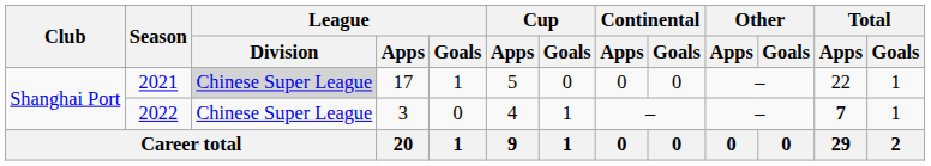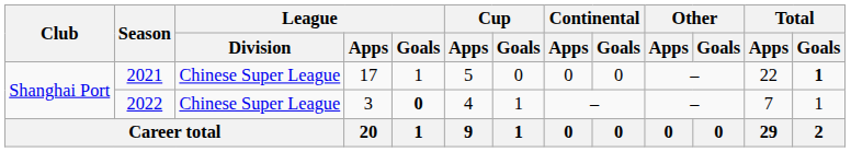 <table class="wikitable" style="text-align: center">
 <tr>
 <th rowspan="2">Club</th>
 <th rowspan="2">Season</th>
 <th colspan="3">League</th>
 <th colspan="2">Cup</th>
 <th colspan="2">Continental</th>
 <th colspan="2">Other</th>
 <th colspan="2">Total</th>
 </tr>
 <tr>
 <th>Division</th>
 <th>Apps</th>
 <th>Goals</th>
 <th>Apps</th>
 <th>Goals</th>
 <th>Apps</th>
 <th>Goals</th>
 <th>Apps</th>
 <th>Goals</th>
 <th>Apps</th>
 <th>Goals</th>
 </tr>
 <tr>
 <td rowspan=2><a href='#'>Shanghai Port</a></td>
 <td><a href='#'>2021</a></td>
-<td style="background: lightgrey;"><a href='#'>Chinese Super League</a></td>
+<td><a href='#'>Chinese Super League</a></td>
 <td>17</td>
 <td>1</td>
 <td>5</td>
 <td>0</td>
 <td>0</td>
 <td>0</td>
 <td colspan="2">–</td>
 <td>22</td>
-<td>1</td>
+<td><strong>1</strong></td>
 </tr>
 <tr>
 <td><a href='#'>2022</a></td>
 <td><a href='#'>Chinese Super League</a></td>
 <td>3</td>
-<td>0</td>
+<td><strong>0</strong></td>
 <td>4</td>
 <td>1</td>
 <td colspan="2">–</td>
 <td colspan="2">–</td>
-<td><strong>7</strong></td>
+<td>7</td>
 <td>1</td>
 </tr>
 <tr>
 <th colspan=3>Career total</th>
 <th>20</th>
 <th>1</th>
 <th>9</th>
 <th>1</th>
 <th>0</th>
 <th>0</th>
 <th>0</th>
 <th>0</th>
 <th>29</th>
 <th>2</th>
 </tr>
 </table>
